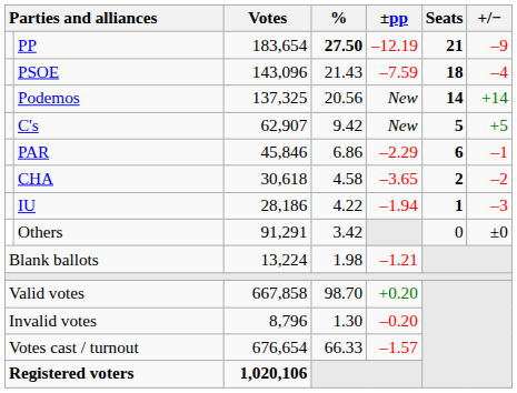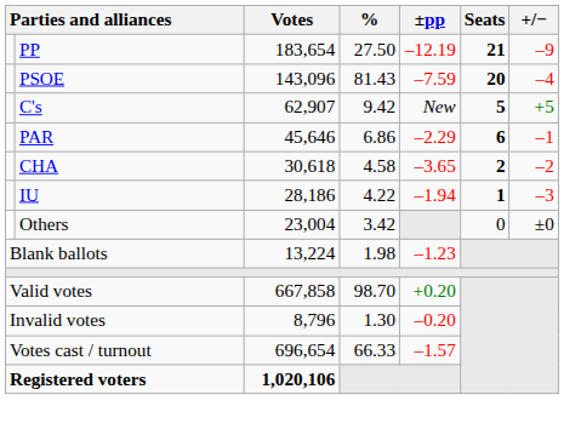 <table class="wikitable" style="text-align:right;">
 <tr>
 <th style="text-align:left;" colspan="2" width="200">Parties and alliances</th>
 <th width="75">Votes</th>
 <th width="45">%</th>
 <th width="45">±<a href='#'>pp</a></th>
 <th width="35">Seats</th>
 <th width="35">+/−</th>
 </tr>
 <tr>
 <td width="1" style="color:inherit;background:"></td>
 <td align="left"><a href='#'>PP</a></td>
 <td>183,654</td>
-<td><strong>27.50</strong></td>
+<td>27.50</td>
 <td style="color:red;">–12.19</td>
 <td><strong>21</strong></td>
 <td style="color:red;">–9</td>
 </tr>
 <tr>
 <td style="color:inherit;background:"></td>
 <td align="left"><a href='#'>PSOE</a></td>
 <td>143,096</td>
-<td>21.43</td>
+<td>81.43</td>
 <td style="color:red;">–7.59</td>
-<td><strong>18</strong></td>
+<td><strong>20</strong></td>
 <td style="color:red;">–4</td>
-</tr>
-<tr>
-<td style="color:inherit;background:"></td>
-<td align="left"><a href='#'>Podemos</a></td>
-<td>137,325</td>
-<td>20.56</td>
-<td><em>New</em></td>
-<td><strong>14</strong></td>
-<td style="color:green;">+14</td>
 </tr>
 <tr>
 <td style="color:inherit;background:"></td>
 <td align="left"><a href='#'>C's</a></td>
 <td>62,907</td>
 <td>9.42</td>
 <td><em>New</em></td>
 <td><strong>5</strong></td>
 <td style="color:green;">+5</td>
 </tr>
 <tr>
 <td style="color:inherit;background:"></td>
 <td align="left"><a href='#'>PAR</a></td>
-<td>45,846</td>
+<td>45,646</td>
 <td>6.86</td>
 <td style="color:red;">–2.29</td>
 <td><strong>6</strong></td>
 <td style="color:red;">–1</td>
 </tr>
 <tr>
 <td style="color:inherit;background:"></td>
 <td align="left"><a href='#'>CHA</a></td>
 <td>30,618</td>
 <td>4.58</td>
 <td style="color:red;">–3.65</td>
 <td><strong>2</strong></td>
 <td style="color:red;">–2</td>
 </tr>
 <tr>
 <td style="color:inherit;background:"></td>
 <td align="left"><a href='#'>IU</a></td>
 <td>28,186</td>
 <td>4.22</td>
 <td style="color:red;">–1.94</td>
 <td><strong>1</strong></td>
 <td style="color:red;">–3</td>
 </tr>
 <tr>
 <td bgcolor="white"></td>
 <td align="left">Others</td>
-<td>91,291</td>
+<td>23,004</td>
 <td>3.42</td>
 <td bgcolor="#E9E9E9"></td>
 <td>0</td>
 <td>±0</td>
 </tr>
 <tr>
 <td align="left" colspan="2">Blank ballots</td>
 <td>13,224</td>
 <td>1.98</td>
-<td style="color:red;">–1.21</td>
+<td style="color:red;">–1.23</td>
 <td bgcolor="#E9E9E9" colspan="2"></td>
 </tr>
 <tr>
 <td colspan="7" bgcolor="#E9E9E9"></td>
 </tr>
 <tr>
 <td align="left" colspan="2">Valid votes</td>
 <td>667,858</td>
 <td>98.70</td>
 <td style="color:green;">+0.20</td>
 <td bgcolor="#E9E9E9" colspan="2" rowspan="4"></td>
 </tr>
 <tr>
 <td align="left" colspan="2">Invalid votes</td>
 <td>8,796</td>
 <td>1.30</td>
 <td style="color:red;">–0.20</td>
 </tr>
 <tr>
 <td align="left" colspan="2">Votes cast / turnout</td>
-<td>676,654</td>
+<td>696,654</td>
 <td>66.33</td>
 <td style="color:red;">–1.57</td>
 </tr>
 <tr style="font-weight:bold;">
 <td align="left" colspan="2">Registered voters</td>
 <td>1,020,106</td>
 <td bgcolor="#E9E9E9" colspan="2"></td>
 </tr>
 </table>
